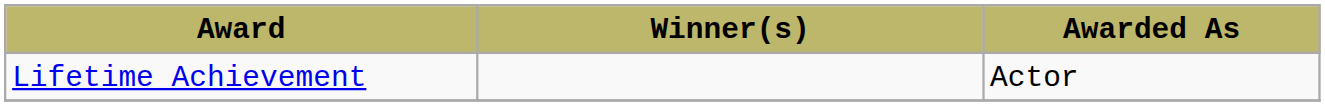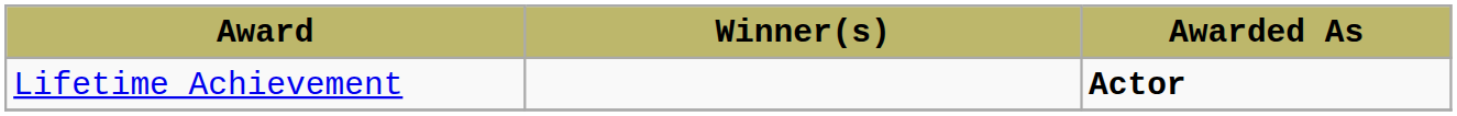 <table class="wikitable plainrowheaders;">
 <tr>
 <th style="background-color:#BDB76B;width:28%;">Award</th>
 <th style="background-color:#BDB76B;width:30%;">Winner(s)</th>
 <th style="background-color:#BDB76B;width:20%;">Awarded As</th>
 </tr>
 <tr>
 <td><a href='#'>Lifetime Achievement</a></td>
 <td></td>
-<td>Actor</td>
+<td><strong>Actor</strong></td>
 </tr>
 <tr>
 </tr>
 </table>
